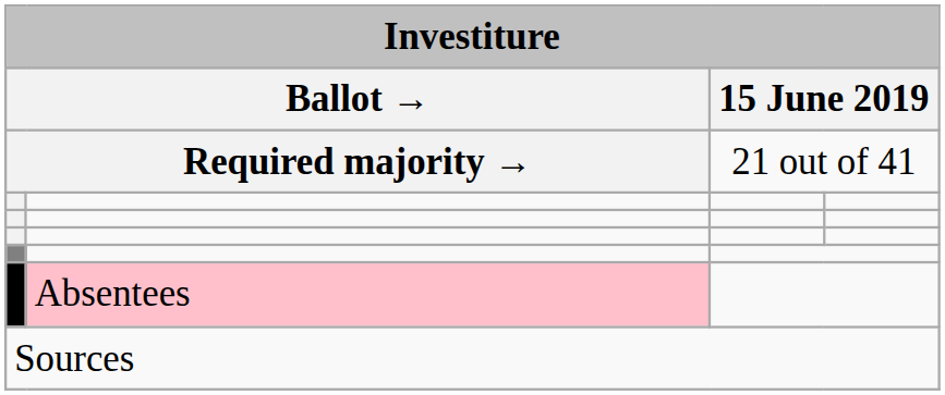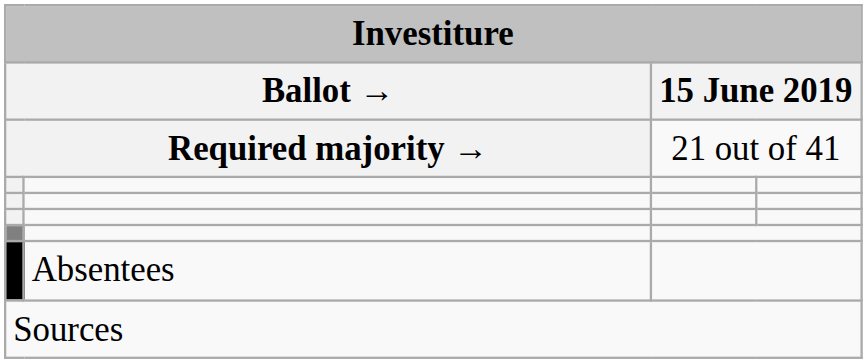 <table class="wikitable" style="text-align:center; font-size:95%;">
 <tr>
 <td colspan="8" align="center" bgcolor="#C0C0C0"><strong>Investiture</strong></td>
 </tr>
 <tr>
 <th colspan="2" width="275px">Ballot →</th>
 <th colspan="2">15 June 2019</th>
 </tr>
 <tr>
 <th colspan="2">Required majority →</th>
 <td colspan="2">21 out of 41</td>
 </tr>
 <tr>
 <th width="1px" style="background:"></th>
 <td align="left"></td>
 <td></td>
 <td></td>
 </tr>
 <tr>
 <th style="color:inherit;background:"></th>
 <td align="left"></td>
 <td></td>
 <td></td>
 </tr>
 <tr>
 <th style="color:inherit;background:"></th>
 <td align="left"></td>
 <td></td>
 <td></td>
 </tr>
 <tr>
 <th style="color:inherit;background:gray;"></th>
 <td align="left"></td>
 <td colspan="2"></td>
 </tr>
 <tr>
 <th style="color:inherit;background:black;"></th>
-<td align="left" style="background: pink;">Absentees</td>
+<td align="left">Absentees</td>
 <td colspan="2"></td>
 </tr>
 <tr>
 <td align="left" colspan="4">Sources</td>
 </tr>
 </table>
